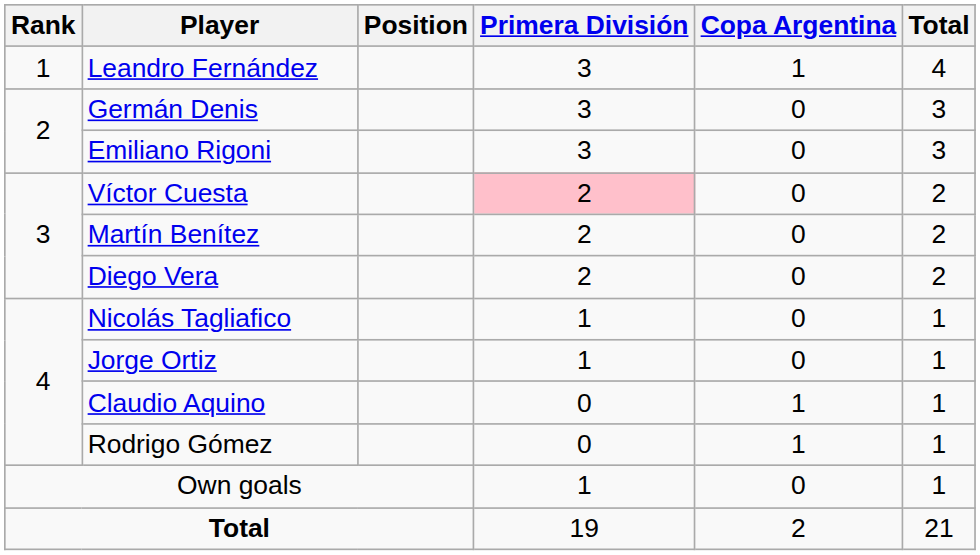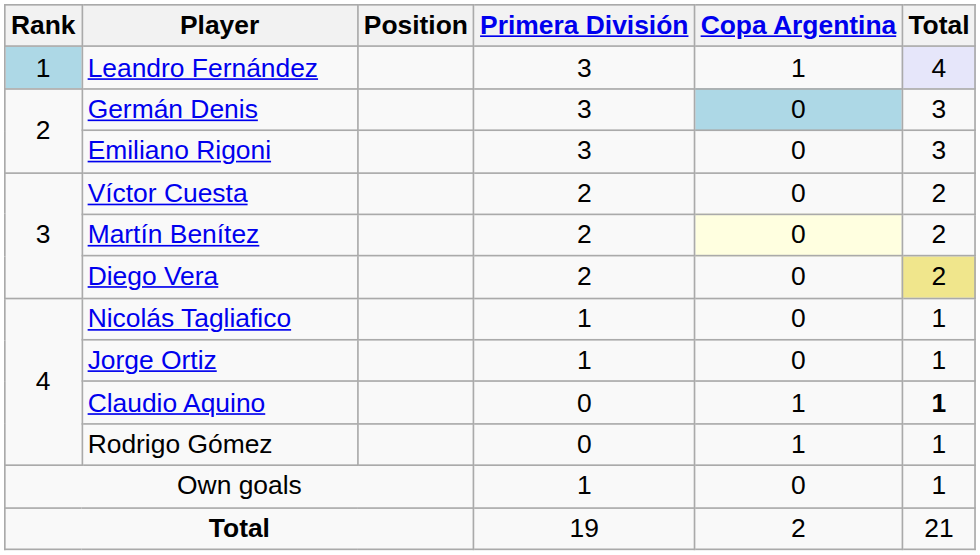 <table class="wikitable">
 <tr>
 <th>Rank</th>
 <th style="width:160px;">Player</th>
 <th>Position</th>
 <th><a href='#'>Primera División</a></th>
 <th><a href='#'>Copa Argentina</a></th>
 <th>Total</th>
 </tr>
 <tr>
-<td align=center>1</td>
+<td align=center style="background: lightblue;">1</td>
 <td align=left> <a href='#'>Leandro Fernández</a></td>
 <td align=center></td>
 <td align=center>3</td>
 <td align=center>1</td>
-<td align=center>4</td>
+<td align=center style="background: lavender;">4</td>
 </tr>
 <tr>
 <td align=center rowspan=2>2</td>
 <td align=left> <a href='#'>Germán Denis</a></td>
 <td align=center></td>
 <td align=center>3</td>
-<td align=center>0</td>
+<td align=center style="background: lightblue;">0</td>
 <td align=center>3</td>
 </tr>
 <tr>
 <td align=left> <a href='#'>Emiliano Rigoni</a></td>
 <td align=center></td>
 <td align=center>3</td>
 <td align=center>0</td>
 <td align=center>3</td>
 </tr>
 <tr>
 <td align=center rowspan=3>3</td>
 <td align=left> <a href='#'>Víctor Cuesta</a></td>
 <td align=center></td>
-<td align=center style="background: pink;">2</td>
+<td align=center>2</td>
 <td align=center>0</td>
 <td align=center>2</td>
 </tr>
 <tr>
 <td align=left> <a href='#'>Martín Benítez</a></td>
 <td align=center></td>
 <td align=center>2</td>
-<td align=center>0</td>
+<td align=center style="background: lightyellow;">0</td>
 <td align=center>2</td>
 </tr>
 <tr>
 <td align=left> <a href='#'>Diego Vera</a></td>
 <td align=center></td>
 <td align=center>2</td>
 <td align=center>0</td>
-<td align=center>2</td>
+<td align=center style="background: khaki;">2</td>
 </tr>
 <tr>
 <td align=center rowspan=4>4</td>
 <td align=left> <a href='#'>Nicolás Tagliafico</a></td>
 <td align=center></td>
 <td align=center>1</td>
 <td align=center>0</td>
 <td align=center>1</td>
 </tr>
 <tr>
 <td align=left> <a href='#'>Jorge Ortiz</a></td>
 <td align=center></td>
 <td align=center>1</td>
 <td align=center>0</td>
 <td align=center>1</td>
 </tr>
 <tr>
 <td align=left> <a href='#'>Claudio Aquino</a></td>
 <td align=center></td>
 <td align=center>0</td>
 <td align=center>1</td>
-<td align=center>1</td>
+<td align=center><strong>1</strong></td>
 </tr>
 <tr>
 <td align=left> Rodrigo Gómez</td>
 <td align=center></td>
 <td align=center>0</td>
 <td align=center>1</td>
 <td align=center>1</td>
 </tr>
 <tr>
 <td align=center colspan=3>Own goals</td>
 <td align=center>1</td>
 <td align=center>0</td>
 <td align=center>1</td>
 </tr>
 <tr>
 <td align=center colspan=3><strong>Total</strong></td>
 <td align=center>19</td>
 <td align=center>2</td>
 <td align=center>21</td>
 </tr>
 </table>
